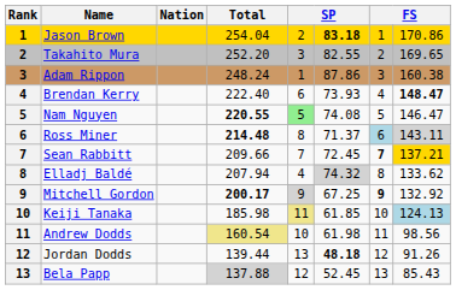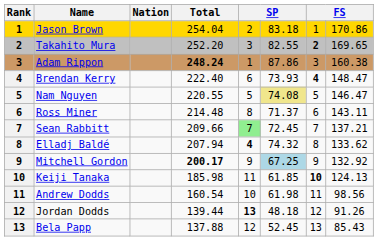 <table class="wikitable sortable">
 <tr>
 <th>Rank</th>
 <th>Name</th>
 <th>Nation</th>
 <th width="80px">Total</th>
 <th colspan="2" width="80px"><a href='#'>SP</a></th>
 <th colspan="2" width="80px"><a href='#'>FS</a></th>
 </tr>
 <tr bgcolor="gold">
 <td align="center"><strong>1</strong></td>
 <td><a href='#'>Jason Brown</a></td>
 <td></td>
 <td align="center">254.04</td>
 <td align="center">2</td>
-<td align="center"><strong>83.18</strong></td>
+<td align="center">83.18</td>
 <td align="center">1</td>
 <td align="center">170.86</td>
 </tr>
 <tr bgcolor="silver">
 <td align="center"><strong>2</strong></td>
 <td><a href='#'>Takahito Mura</a></td>
 <td></td>
 <td align="center">252.20</td>
 <td align="center">3</td>
 <td align="center">82.55</td>
-<td align="center">2</td>
+<td align="center"><strong>2</strong></td>
 <td align="center">169.65</td>
 </tr>
 <tr bgcolor="cc9966">
 <td align="center"><strong>3</strong></td>
 <td><a href='#'>Adam Rippon</a></td>
 <td></td>
-<td align="center">248.24</td>
+<td align="center"><strong>248.24</strong></td>
 <td align="center">1</td>
 <td align="center">87.86</td>
 <td align="center">3</td>
 <td align="center">160.38</td>
 </tr>
 <tr>
 <th>4</th>
 <td><a href='#'>Brendan Kerry</a></td>
 <td></td>
 <td align="center">222.40</td>
 <td align="center">6</td>
 <td align="center">73.93</td>
-<td align="center">4</td>
-<td align="center"><strong>148.47</strong></td>
+<td align="center"><strong>4</strong></td>
+<td align="center">148.47</td>
 </tr>
 <tr>
 <th>5</th>
 <td><a href='#'>Nam Nguyen</a></td>
 <td></td>
-<td align="center"><strong>220.55</strong></td>
-<td align="center" style="background: lightgreen;">5</td>
-<td align="center">74.08</td>
+<td align="center">220.55</td>
+<td align="center">5</td>
+<td align="center" style="background: khaki;">74.08</td>
 <td align="center">5</td>
 <td align="center">146.47</td>
 </tr>
 <tr>
 <th>6</th>
 <td><a href='#'>Ross Miner</a></td>
 <td></td>
-<td align="center"><strong>214.48</strong></td>
+<td align="center">214.48</td>
 <td align="center">8</td>
 <td align="center">71.37</td>
-<td align="center" style="background: lightblue;">6</td>
-<td align="center" style="background: lightgrey;">143.11</td>
+<td align="center">6</td>
+<td align="center">143.11</td>
 </tr>
 <tr>
 <th>7</th>
 <td><a href='#'>Sean Rabbitt</a></td>
 <td></td>
 <td align="center">209.66</td>
+<td align="center" style="background: lightgreen;">7</td>
+<td align="center">72.45</td>
 <td align="center">7</td>
-<td align="center">72.45</td>
-<td align="center"><strong>7</strong></td>
-<td align="center" style="background: gold;">137.21</td>
+<td align="center">137.21</td>
 </tr>
 <tr>
 <th>8</th>
 <td><a href='#'>Elladj Baldé</a></td>
 <td></td>
 <td align="center">207.94</td>
-<td align="center">4</td>
-<td align="center" style="background: lightgrey;">74.32</td>
+<td align="center"><strong>4</strong></td>
+<td align="center">74.32</td>
 <td align="center">8</td>
 <td align="center">133.62</td>
 </tr>
 <tr>
 <th>9</th>
 <td><a href='#'>Mitchell Gordon</a></td>
 <td></td>
 <td align="center"><strong>200.17</strong></td>
-<td align="center" style="background: lightgrey;">9</td>
-<td align="center">67.25</td>
-<td align="center"><strong>9</strong></td>
+<td align="center">9</td>
+<td align="center" style="background: lightblue;">67.25</td>
+<td align="center">9</td>
 <td align="center">132.92</td>
 </tr>
 <tr>
 <th>10</th>
 <td><a href='#'>Keiji Tanaka</a></td>
 <td></td>
 <td align="center">185.98</td>
-<td align="center" style="background: khaki;">11</td>
+<td align="center">11</td>
 <td align="center">61.85</td>
-<td align="center">10</td>
-<td align="center" style="background: lightblue;">124.13</td>
+<td align="center"><strong>10</strong></td>
+<td align="center">124.13</td>
 </tr>
 <tr>
 <th>11</th>
 <td><a href='#'>Andrew Dodds</a></td>
 <td></td>
-<td align="center" style="background: khaki;">160.54</td>
+<td align="center">160.54</td>
 <td align="center">10</td>
 <td align="center">61.98</td>
 <td align="center">11</td>
 <td align="center">98.56</td>
 </tr>
 <tr>
 <th>12</th>
 <td>Jordan Dodds</td>
 <td></td>
 <td align="center">139.44</td>
-<td align="center">13</td>
-<td align="center"><strong>48.18</strong></td>
+<td align="center"><strong>13</strong></td>
+<td align="center">48.18</td>
 <td align="center">12</td>
 <td align="center">91.26</td>
 </tr>
 <tr>
 <th>13</th>
 <td><a href='#'>Bela Papp</a></td>
 <td></td>
-<td align="center" style="background: lightgrey;">137.88</td>
+<td align="center">137.88</td>
 <td align="center">12</td>
 <td align="center">52.45</td>
 <td align="center">13</td>
 <td align="center">85.43</td>
 </tr>
 </table>
